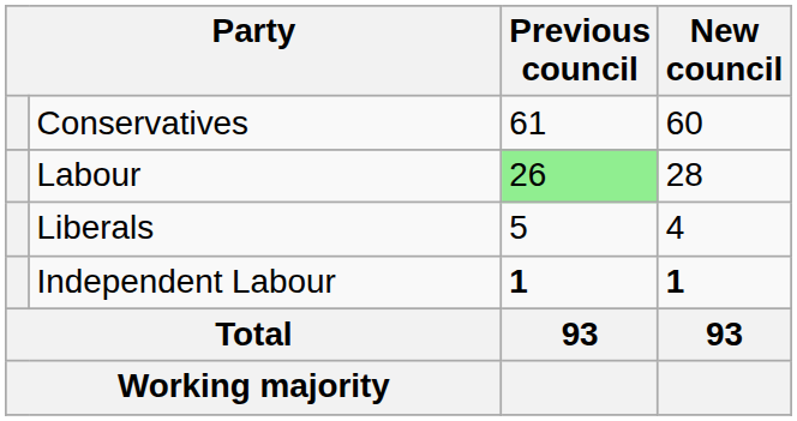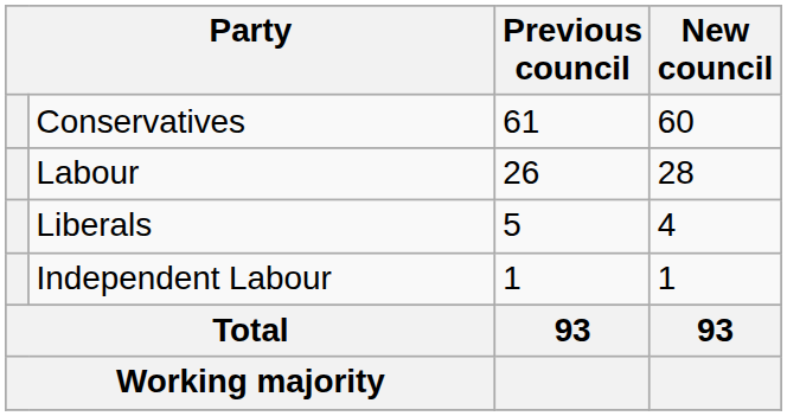 <table class="wikitable">
 <tr>
 <th valign=top colspan="2" style="width: 230px">Party</th>
 <th valign=top style="width: 30px">Previous council</th>
 <th valign=top style="width: 30px">New council</th>
 </tr>
 <tr>
 <th style="background-color: "></th>
 <td>Conservatives</td>
 <td>61</td>
 <td>60</td>
 </tr>
 <tr>
 <th style="background-color: "></th>
 <td>Labour</td>
-<td style="background: lightgreen;">26</td>
+<td>26</td>
 <td>28</td>
 </tr>
 <tr>
 <th style="background-color: "></th>
 <td>Liberals</td>
 <td>5</td>
 <td>4</td>
 </tr>
 <tr>
 <th style="background-color: "></th>
 <td>Independent Labour</td>
-<td><strong>1</strong></td>
-<td><strong>1</strong></td>
+<td>1</td>
+<td>1</td>
 </tr>
 <tr>
 <th colspan=2>Total</th>
 <th style="text-align: center">93</th>
 <th colspan=3>93</th>
 </tr>
 <tr>
 <th colspan=2>Working majority</th>
 <th></th>
 <th></th>
 </tr>
 </table>
